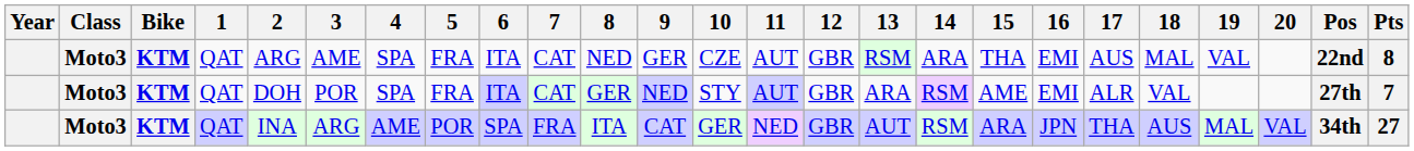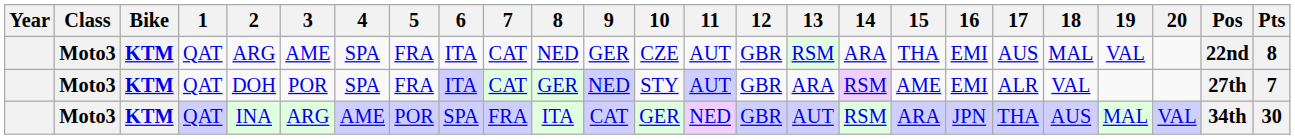 <table class="wikitable" style="text-align:center;">
 <tr>
 <th>Year</th>
 <th>Class</th>
 <th>Bike</th>
 <th>1</th>
 <th>2</th>
 <th>3</th>
 <th>4</th>
 <th>5</th>
 <th>6</th>
 <th>7</th>
 <th>8</th>
 <th>9</th>
 <th>10</th>
 <th>11</th>
 <th>12</th>
 <th>13</th>
 <th>14</th>
 <th>15</th>
 <th>16</th>
 <th>17</th>
 <th>18</th>
 <th>19</th>
 <th>20</th>
 <th>Pos</th>
 <th>Pts</th>
 </tr>
 <tr>
 <th></th>
 <th>Moto3</th>
 <th><a href='#'>KTM</a></th>
 <td><a href='#'>QAT</a></td>
 <td><a href='#'>ARG</a></td>
 <td><a href='#'>AME</a></td>
 <td><a href='#'>SPA</a></td>
 <td><a href='#'>FRA</a></td>
 <td><a href='#'>ITA</a></td>
 <td><a href='#'>CAT</a></td>
 <td><a href='#'>NED</a></td>
 <td><a href='#'>GER</a></td>
 <td><a href='#'>CZE</a></td>
 <td><a href='#'>AUT</a></td>
 <td><a href='#'>GBR</a></td>
 <td style="background:#dfffdf;"><a href='#'>RSM</a><br></td>
 <td><a href='#'>ARA</a></td>
 <td><a href='#'>THA</a></td>
 <td><a href='#'>EMI</a></td>
 <td><a href='#'>AUS</a></td>
 <td><a href='#'>MAL</a></td>
 <td><a href='#'>VAL</a></td>
 <td></td>
 <th>22nd</th>
 <th>8</th>
 </tr>
 <tr>
 <th></th>
 <th>Moto3</th>
 <th><a href='#'>KTM</a></th>
 <td><a href='#'>QAT</a></td>
 <td><a href='#'>DOH</a></td>
 <td><a href='#'>POR</a></td>
 <td><a href='#'>SPA</a></td>
 <td><a href='#'>FRA</a></td>
 <td style="background:#cfcfff;"><a href='#'>ITA</a><br></td>
 <td style="background:#dfffdf;"><a href='#'>CAT</a><br></td>
 <td style="background:#dfffdf;"><a href='#'>GER</a><br></td>
 <td style="background:#cfcfff;"><a href='#'>NED</a><br></td>
 <td><a href='#'>STY</a></td>
 <td style="background:#cfcfff;"><a href='#'>AUT</a><br></td>
 <td><a href='#'>GBR</a></td>
 <td><a href='#'>ARA</a></td>
 <td style="background:#efcfff;"><a href='#'>RSM</a><br></td>
 <td><a href='#'>AME</a></td>
 <td><a href='#'>EMI</a></td>
 <td><a href='#'>ALR</a></td>
 <td><a href='#'>VAL</a></td>
 <td></td>
 <td></td>
 <th>27th</th>
 <th>7</th>
 </tr>
 <tr>
 <th></th>
 <th>Moto3</th>
 <th><a href='#'>KTM</a></th>
 <td style="background:#cfcfff;"><a href='#'>QAT</a><br></td>
 <td style="background:#dfffdf;"><a href='#'>INA</a><br></td>
 <td style="background:#dfffdf;"><a href='#'>ARG</a><br></td>
 <td style="background:#cfcfff;"><a href='#'>AME</a><br></td>
 <td style="background:#cfcfff;"><a href='#'>POR</a><br></td>
 <td style="background:#cfcfff;"><a href='#'>SPA</a><br></td>
 <td style="background:#cfcfff;"><a href='#'>FRA</a><br></td>
 <td style="background:#dfffdf;"><a href='#'>ITA</a><br></td>
 <td style="background:#cfcfff;"><a href='#'>CAT</a><br></td>
 <td style="background:#dfffdf;"><a href='#'>GER</a><br></td>
 <td style="background:#efcfff;"><a href='#'>NED</a><br></td>
 <td style="background:#cfcfff;"><a href='#'>GBR</a><br></td>
 <td style="background:#cfcfff;"><a href='#'>AUT</a><br></td>
 <td style="background:#dfffdf;"><a href='#'>RSM</a><br></td>
 <td style="background:#cfcfff;"><a href='#'>ARA</a><br></td>
 <td style="background:#cfcfff;"><a href='#'>JPN</a><br></td>
 <td style="background:#cfcfff;"><a href='#'>THA</a><br></td>
 <td style="background:#cfcfff;"><a href='#'>AUS</a><br></td>
 <td style="background:#dfffdf;"><a href='#'>MAL</a><br></td>
 <td style="background:#cfcfff;"><a href='#'>VAL</a><br></td>
 <th>34th</th>
-<th>27</th>
+<th>30</th>
 </tr>
 </table>
